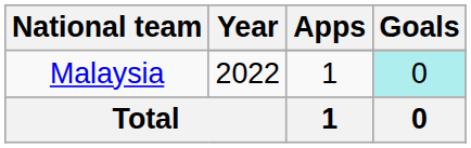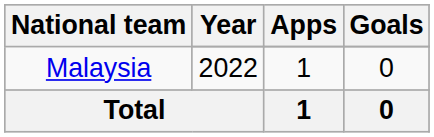 <table class="wikitable" style="text-align: center;">
 <tr>
 <th>National team</th>
 <th>Year</th>
 <th>Apps</th>
 <th>Goals</th>
 </tr>
 <tr>
 <td rowspan="2"><a href='#'>Malaysia</a></td>
 </tr>
 <tr>
 <td>2022</td>
 <td>1</td>
-<td style="background: paleturquoise;">0</td>
+<td>0</td>
 </tr>
 <tr>
 <th colspan=2>Total</th>
 <th>1</th>
 <th>0</th>
 </tr>
 </table>
